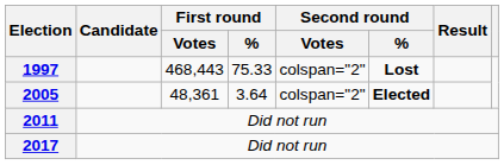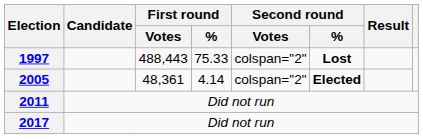 <table class="wikitable" style="text-align:center">
 <tr>
 <th rowspan="2">Election</th>
 <th rowspan="2">Candidate</th>
 <th colspan="2" scope="col">First round</th>
 <th colspan="2">Second round</th>
 <th rowspan="2">Result</th>
 <th rowspan="2"></th>
 </tr>
 <tr>
 <th>Votes</th>
 <th>%</th>
 <th>Votes</th>
 <th>%</th>
 </tr>
 <tr>
 <th><a href='#'>1997</a></th>
 <td></td>
-<td>468,443</td>
+<td>488,443</td>
 <td>75.33</td>
 <td>colspan="2" </td>
 <td><strong>Lost</strong> </td>
 <td></td>
 </tr>
 <tr>
 <th><a href='#'>2005</a></th>
 <td></td>
 <td>48,361</td>
-<td>3.64</td>
+<td>4.14</td>
 <td>colspan="2" </td>
 <td><strong>Elected</strong> </td>
 <td></td>
 </tr>
 <tr>
 <th><a href='#'>2011</a></th>
 <td colspan="7" align="center"><em>Did not run</em></td>
 </tr>
 <tr>
 <th><a href='#'>2017</a></th>
 <td colspan="7" align="center"><em>Did not run</em></td>
 </tr>
 </table>
